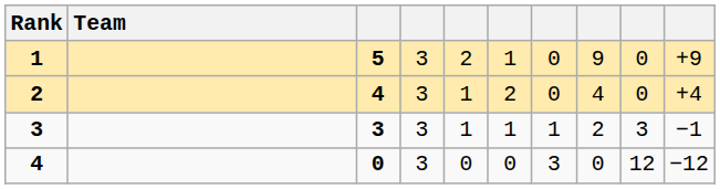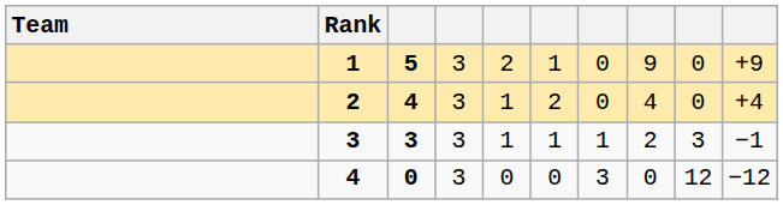 <table class="wikitable" style="text-align: center;">
 <tr>
+<th width=165 style="text-align:left;">Team</th>
 <th width=30>Rank</th>
-<th width=165 style="text-align:left;">Team</th>
 <th width=20></th>
 <th width=20></th>
 <th width=20></th>
 <th width=20></th>
 <th width=20></th>
 <th width=20></th>
 <th width=20></th>
 <th width=20></th>
 </tr>
 <tr style="background:#ffebad;">
+<td style="text-align:left;"></td>
 <td><strong>1</strong></td>
-<td style="text-align:left;"></td>
 <td><strong>5</strong></td>
 <td>3</td>
 <td>2</td>
 <td>1</td>
 <td>0</td>
 <td>9</td>
 <td>0</td>
 <td>+9</td>
 </tr>
 <tr style="background:#ffebad;">
+<td style="text-align:left;"></td>
 <td><strong>2</strong></td>
-<td style="text-align:left;"></td>
 <td><strong>4</strong></td>
 <td>3</td>
 <td>1</td>
 <td>2</td>
 <td>0</td>
 <td>4</td>
 <td>0</td>
 <td>+4</td>
 </tr>
 <tr>
+<td style="text-align:left;"></td>
 <td><strong>3</strong></td>
-<td style="text-align:left;"></td>
 <td><strong>3</strong></td>
 <td>3</td>
 <td>1</td>
 <td>1</td>
 <td>1</td>
 <td>2</td>
 <td>3</td>
 <td>−1</td>
 </tr>
 <tr>
+<td style="text-align:left;"></td>
 <td><strong>4</strong></td>
-<td style="text-align:left;"></td>
 <td><strong>0</strong></td>
 <td>3</td>
 <td>0</td>
 <td>0</td>
 <td>3</td>
 <td>0</td>
 <td>12</td>
 <td>−12</td>
 </tr>
 </table>
